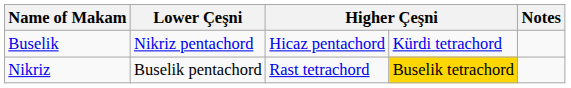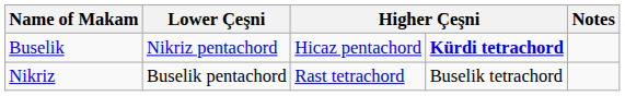 <table class="wikitable">
 <tr>
 <th>Name of Makam</th>
 <th>Lower Çeşni</th>
 <th colspan="2">Higher Çeşni</th>
 <th>Notes</th>
 </tr>
 <tr>
 <td><a href='#'>Buselik</a></td>
 <td><a href='#'>Nikriz pentachord</a></td>
 <td><a href='#'>Hicaz pentachord</a></td>
-<td><a href='#'>Kürdi tetrachord</a></td>
+<td><strong><a href='#'>Kürdi tetrachord</a></strong></td>
 <td></td>
 </tr>
 <tr>
 <td><a href='#'>Nikriz</a></td>
 <td>Buselik pentachord</td>
 <td><a href='#'>Rast tetrachord</a></td>
-<td style="background: gold;">Buselik tetrachord</td>
+<td>Buselik tetrachord</td>
 <td></td>
 </tr>
 </table>
